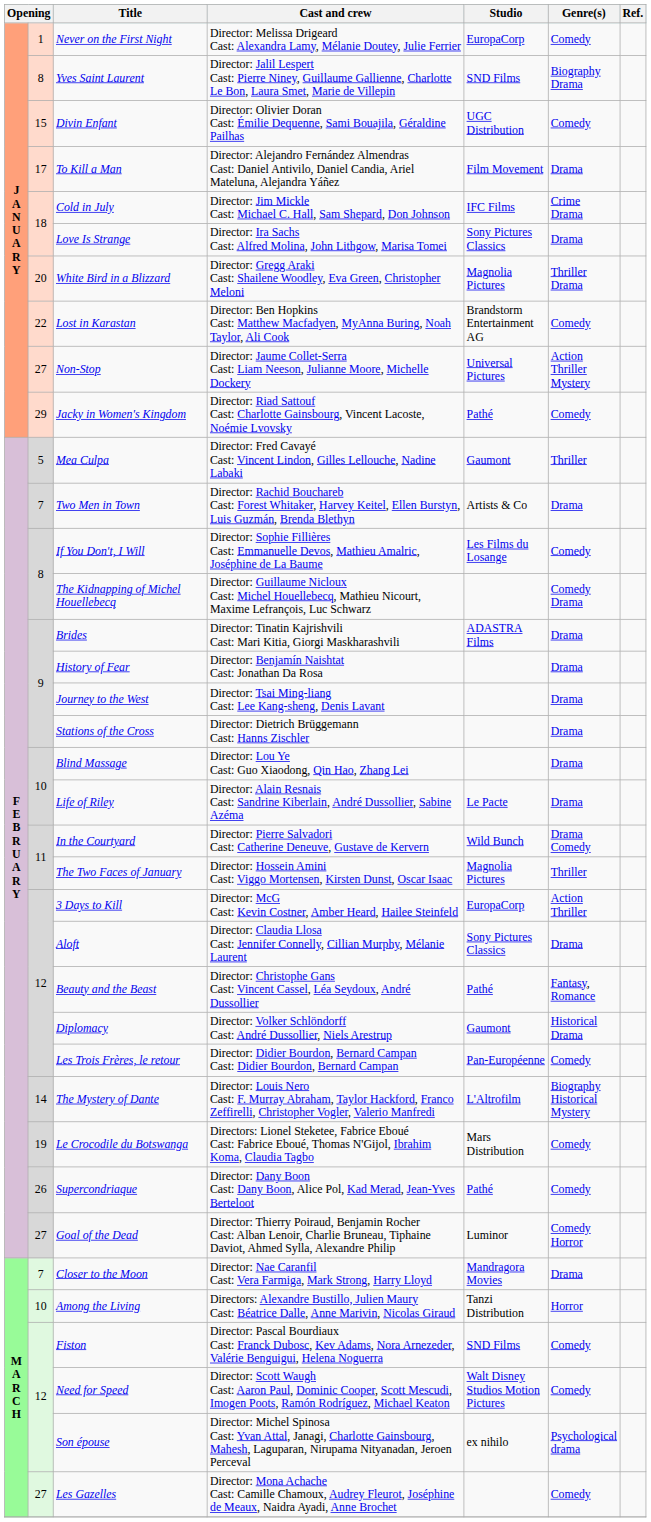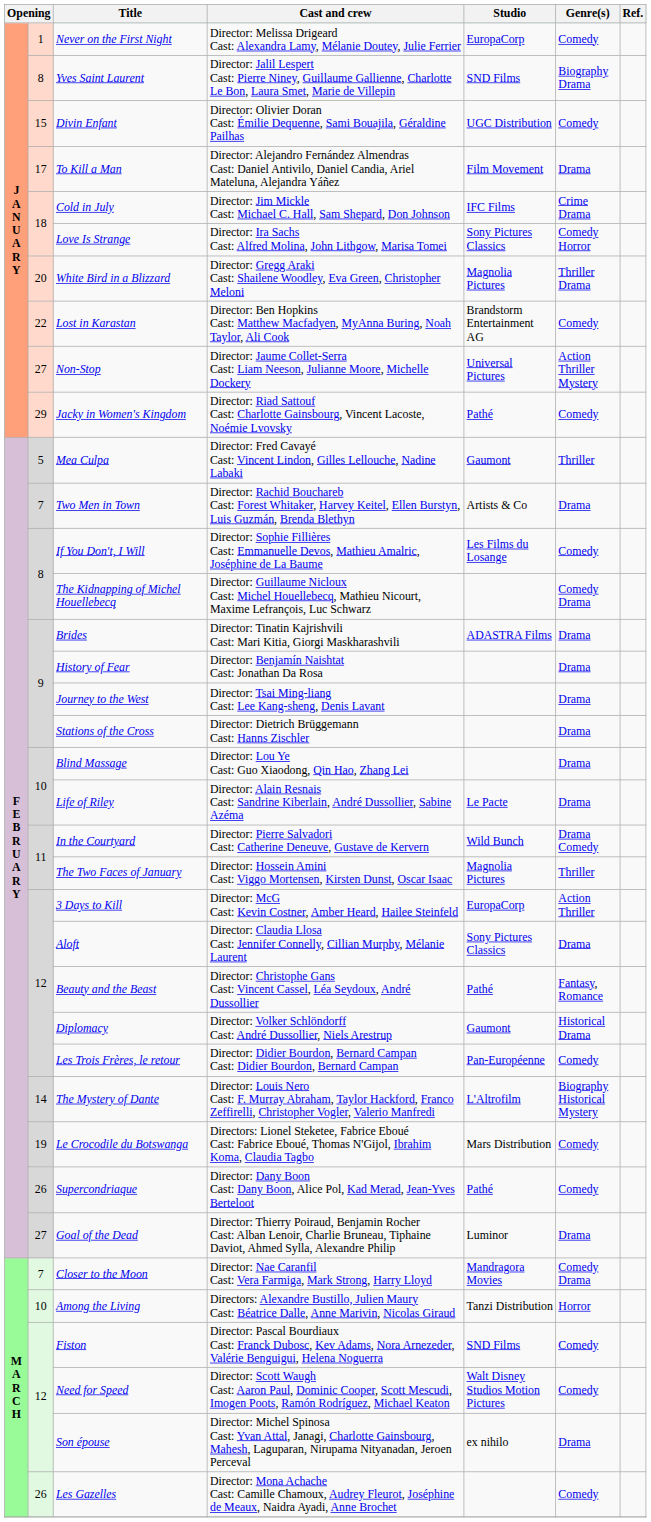 <table class="wikitable">
 <tr style="background:#b0e0e6; text-align:center;">
 <th colspan="2">Opening</th>
 <th style="width:24%;">Title</th>
 <th style="width:40%;">Cast and crew</th>
 <th>Studio</th>
 <th style="width:10%;">Genre(s)</th>
 <th style="width:2%;">Ref.</th>
 </tr>
 <tr>
 <th rowspan="10" style="text-align:center; background:#ffa07a; textcolor:#000;">J<br>A<br>N<br>U<br>A<br>R<br>Y</th>
 <td rowspan="1" style="text-align:center; background:#ffdacc;">1</td>
 <td><em><a href='#'>Never on the First Night</a></em></td>
 <td>Director: Melissa Drigeard <br> Cast: <a href='#'>Alexandra Lamy</a>, <a href='#'>Mélanie Doutey</a>, <a href='#'>Julie Ferrier</a></td>
 <td><a href='#'>EuropaCorp</a></td>
 <td><a href='#'>Comedy</a></td>
 <td style="text-align:center"></td>
 </tr>
 <tr>
 <td rowspan="1" style="text-align:center; background:#ffdacc;">8</td>
 <td><em><a href='#'>Yves Saint Laurent</a></em></td>
 <td>Director: <a href='#'>Jalil Lespert</a> <br> Cast: <a href='#'>Pierre Niney</a>, <a href='#'>Guillaume Gallienne</a>, <a href='#'>Charlotte Le Bon</a>, <a href='#'>Laura Smet</a>, <a href='#'>Marie de Villepin</a></td>
 <td><a href='#'>SND Films</a></td>
 <td><a href='#'>Biography</a> <br> <a href='#'>Drama</a></td>
 <td style="text-align:center"></td>
 </tr>
 <tr>
 <td rowspan="1" style="text-align:center; background:#ffdacc;">15</td>
 <td><em><a href='#'>Divin Enfant</a></em></td>
 <td>Director: Olivier Doran <br> Cast: <a href='#'>Émilie Dequenne</a>, <a href='#'>Sami Bouajila</a>, <a href='#'>Géraldine Pailhas</a></td>
 <td><a href='#'>UGC Distribution</a></td>
 <td><a href='#'>Comedy</a></td>
 <td style="text-align:center"></td>
 </tr>
 <tr>
 <td rowspan="1" style="text-align:center; background:#ffdacc;">17</td>
 <td><em><a href='#'>To Kill a Man</a></em></td>
 <td>Director: Alejandro Fernández Almendras <br> Cast: Daniel Antivilo, Daniel Candia, Ariel Mateluna, Alejandra Yáñez</td>
 <td><a href='#'>Film Movement</a></td>
 <td><a href='#'>Drama</a></td>
 <td style="text-align:center"></td>
 </tr>
 <tr>
 <td rowspan="2" style="text-align:center; background:#ffdacc;">18</td>
 <td><em><a href='#'>Cold in July</a></em></td>
 <td>Director: <a href='#'>Jim Mickle</a> <br> Cast: <a href='#'>Michael C. Hall</a>, <a href='#'>Sam Shepard</a>, <a href='#'>Don Johnson</a></td>
 <td><a href='#'>IFC Films</a></td>
 <td><a href='#'>Crime</a> <br> <a href='#'>Drama</a></td>
 <td style="text-align:center"></td>
 </tr>
 <tr>
 <td><em><a href='#'>Love Is Strange</a></em></td>
 <td>Director: <a href='#'>Ira Sachs</a> <br> Cast: <a href='#'>Alfred Molina</a>, <a href='#'>John Lithgow</a>, <a href='#'>Marisa Tomei</a></td>
 <td><a href='#'>Sony Pictures Classics</a></td>
-<td><a href='#'>Drama</a></td>
+<td><a href='#'>Comedy</a> <br> <a href='#'>Horror</a></td>
 <td style="text-align:center"></td>
 </tr>
 <tr>
 <td rowspan="1" style="text-align:center; background:#ffdacc;">20</td>
 <td><em><a href='#'>White Bird in a Blizzard</a></em></td>
 <td>Director: <a href='#'>Gregg Araki</a> <br> Cast: <a href='#'>Shailene Woodley</a>, <a href='#'>Eva Green</a>, <a href='#'>Christopher Meloni</a></td>
 <td><a href='#'>Magnolia Pictures</a></td>
 <td><a href='#'>Thriller</a> <br> <a href='#'>Drama</a></td>
 <td style="text-align:center"></td>
 </tr>
 <tr>
 <td rowspan="1" style="text-align:center; background:#ffdacc;">22</td>
 <td><em><a href='#'>Lost in Karastan</a></em></td>
 <td>Director: Ben Hopkins <br> Cast: <a href='#'>Matthew Macfadyen</a>, <a href='#'>MyAnna Buring</a>, <a href='#'>Noah Taylor</a>, <a href='#'>Ali Cook</a></td>
 <td>Brandstorm Entertainment AG</td>
 <td><a href='#'>Comedy</a></td>
 <td style="text-align:center"></td>
 </tr>
 <tr>
 <td rowspan="1" style="text-align:center; background:#ffdacc;">27</td>
 <td><em><a href='#'>Non-Stop</a></em></td>
 <td>Director: <a href='#'>Jaume Collet-Serra</a> <br> Cast: <a href='#'>Liam Neeson</a>, <a href='#'>Julianne Moore</a>, <a href='#'>Michelle Dockery</a></td>
 <td><a href='#'>Universal Pictures</a></td>
 <td><a href='#'>Action</a> <br> <a href='#'>Thriller</a> <br> <a href='#'>Mystery</a></td>
 <td style="text-align:center"></td>
 </tr>
 <tr>
 <td rowspan="1" style="text-align:center; background:#ffdacc;">29</td>
 <td><em><a href='#'>Jacky in Women's Kingdom</a></em></td>
 <td>Director: <a href='#'>Riad Sattouf</a> <br> Cast: <a href='#'>Charlotte Gainsbourg</a>, Vincent Lacoste, <a href='#'>Noémie Lvovsky</a></td>
 <td><a href='#'>Pathé</a></td>
 <td><a href='#'>Comedy</a></td>
 <td style="text-align:center"></td>
 </tr>
 <tr>
 <th rowspan="21" style="text-align:center; background:thistle; textcolor:#000;">F<br>E<br>B<br>R<br>U<br>A<br>R<br>Y</th>
 <td rowspan="1" style="text-align:center; background:#d8d8d8;">5</td>
 <td><em><a href='#'>Mea Culpa</a></em></td>
 <td>Director: Fred Cavayé <br> Cast: <a href='#'>Vincent Lindon</a>, <a href='#'>Gilles Lellouche</a>, <a href='#'>Nadine Labaki</a></td>
 <td><a href='#'>Gaumont</a></td>
 <td><a href='#'>Thriller</a></td>
 <td style="text-align:center"></td>
 </tr>
 <tr>
 <td rowspan="1" style="text-align:center; background:#d8d8d8;">7</td>
 <td><em><a href='#'>Two Men in Town</a></em></td>
 <td>Director: <a href='#'>Rachid Bouchareb</a> <br> Cast: <a href='#'>Forest Whitaker</a>, <a href='#'>Harvey Keitel</a>, <a href='#'>Ellen Burstyn</a>, <a href='#'>Luis Guzmán</a>, <a href='#'>Brenda Blethyn</a></td>
 <td>Artists & Co</td>
 <td><a href='#'>Drama</a></td>
 <td style="text-align:center"></td>
 </tr>
 <tr>
 <td rowspan="2" style="text-align:center; background:#d8d8d8;">8</td>
 <td><em><a href='#'>If You Don't, I Will</a></em></td>
 <td>Director: <a href='#'>Sophie Fillières</a> <br> Cast: <a href='#'>Emmanuelle Devos</a>, <a href='#'>Mathieu Amalric</a>, <a href='#'>Joséphine de La Baume</a></td>
 <td><a href='#'>Les Films du Losange</a></td>
 <td><a href='#'>Comedy</a></td>
 <td style="text-align:center"></td>
 </tr>
 <tr>
 <td><em><a href='#'>The Kidnapping of Michel Houellebecq</a></em></td>
 <td>Director: <a href='#'>Guillaume Nicloux</a> <br> Cast: <a href='#'>Michel Houellebecq</a>, Mathieu Nicourt, Maxime Lefrançois, Luc Schwarz</td>
 <td></td>
 <td><a href='#'>Comedy</a> <br> <a href='#'>Drama</a></td>
 <td style="text-align:center"></td>
 </tr>
 <tr>
 <td rowspan="4" style="text-align:center; background:#d8d8d8;">9</td>
 <td><em><a href='#'>Brides</a></em></td>
 <td>Director: Tinatin Kajrishvili <br> Cast: Mari Kitia, Giorgi Maskharashvili</td>
 <td><a href='#'>ADASTRA Films</a></td>
 <td><a href='#'>Drama</a></td>
 <td style="text-align:center"></td>
 </tr>
 <tr>
 <td><em><a href='#'>History of Fear</a></em></td>
 <td>Director: <a href='#'>Benjamín Naishtat</a> <br> Cast: Jonathan Da Rosa</td>
 <td></td>
 <td><a href='#'>Drama</a></td>
 <td style="text-align:center"></td>
 </tr>
 <tr>
 <td><em><a href='#'>Journey to the West</a></em></td>
 <td>Director: <a href='#'>Tsai Ming-liang</a> <br> Cast: <a href='#'>Lee Kang-sheng</a>, <a href='#'>Denis Lavant</a></td>
 <td></td>
 <td><a href='#'>Drama</a></td>
 <td style="text-align:center"></td>
 </tr>
 <tr>
 <td><em><a href='#'>Stations of the Cross</a></em></td>
 <td>Director: Dietrich Brüggemann <br> Cast: <a href='#'>Hanns Zischler</a></td>
 <td></td>
 <td><a href='#'>Drama</a></td>
 <td style="text-align:center"></td>
 </tr>
 <tr>
 <td rowspan="2" style="text-align:center; background:#d8d8d8;">10</td>
 <td><em><a href='#'>Blind Massage</a></em></td>
 <td>Director: <a href='#'>Lou Ye</a> <br> Cast: Guo Xiaodong, <a href='#'>Qin Hao</a>, <a href='#'>Zhang Lei</a></td>
 <td></td>
 <td><a href='#'>Drama</a></td>
 <td style="text-align:center"></td>
 </tr>
 <tr>
 <td><em><a href='#'>Life of Riley</a></em></td>
 <td>Director: <a href='#'>Alain Resnais</a> <br> Cast: <a href='#'>Sandrine Kiberlain</a>, <a href='#'>André Dussollier</a>, <a href='#'>Sabine Azéma</a></td>
 <td><a href='#'>Le Pacte</a></td>
 <td><a href='#'>Drama</a></td>
 <td style="text-align:center"></td>
 </tr>
 <tr>
 <td rowspan="2" style="text-align:center; background:#d8d8d8;">11</td>
 <td><em><a href='#'>In the Courtyard</a></em></td>
 <td>Director: <a href='#'>Pierre Salvadori</a> <br> Cast: <a href='#'>Catherine Deneuve</a>, <a href='#'>Gustave de Kervern</a></td>
 <td><a href='#'>Wild Bunch</a></td>
 <td><a href='#'>Drama</a> <br> <a href='#'>Comedy</a></td>
 <td style="text-align:center"></td>
 </tr>
 <tr>
 <td><em><a href='#'>The Two Faces of January</a></em></td>
 <td>Director: <a href='#'>Hossein Amini</a> <br> Cast: <a href='#'>Viggo Mortensen</a>, <a href='#'>Kirsten Dunst</a>, <a href='#'>Oscar Isaac</a></td>
 <td><a href='#'>Magnolia Pictures</a></td>
 <td><a href='#'>Thriller</a></td>
 <td style="text-align:center"></td>
 </tr>
 <tr>
 <td rowspan="5" style="text-align:center; background:#d8d8d8;">12</td>
 <td><em><a href='#'>3 Days to Kill</a></em></td>
 <td>Director: <a href='#'>McG</a> <br> Cast: <a href='#'>Kevin Costner</a>, <a href='#'>Amber Heard</a>, <a href='#'>Hailee Steinfeld</a></td>
 <td><a href='#'>EuropaCorp</a></td>
 <td><a href='#'>Action</a> <br> <a href='#'>Thriller</a></td>
 <td style="text-align:center"></td>
 </tr>
 <tr>
 <td><em><a href='#'>Aloft</a></em></td>
 <td>Director: <a href='#'>Claudia Llosa</a> <br> Cast: <a href='#'>Jennifer Connelly</a>, <a href='#'>Cillian Murphy</a>, <a href='#'>Mélanie Laurent</a></td>
 <td><a href='#'>Sony Pictures Classics</a></td>
 <td><a href='#'>Drama</a></td>
 <td style="text-align:center"></td>
 </tr>
 <tr>
 <td><em><a href='#'>Beauty and the Beast</a></em></td>
 <td>Director: <a href='#'>Christophe Gans</a> <br> Cast: <a href='#'>Vincent Cassel</a>, <a href='#'>Léa Seydoux</a>, <a href='#'>André Dussollier</a></td>
 <td><a href='#'>Pathé</a></td>
 <td><a href='#'>Fantasy</a>, <a href='#'>Romance</a></td>
 <td style="text-align:center"></td>
 </tr>
 <tr>
 <td><em><a href='#'>Diplomacy</a></em></td>
 <td>Director: <a href='#'>Volker Schlöndorff</a> <br> Cast: <a href='#'>André Dussollier</a>, <a href='#'>Niels Arestrup</a></td>
 <td><a href='#'>Gaumont</a></td>
 <td><a href='#'>Historical</a> <br> <a href='#'>Drama</a></td>
 <td style="text-align:center"></td>
 </tr>
 <tr>
 <td><em><a href='#'>Les Trois Frères, le retour</a></em></td>
 <td>Director: <a href='#'>Didier Bourdon</a>, <a href='#'>Bernard Campan</a> <br> Cast: <a href='#'>Didier Bourdon</a>, <a href='#'>Bernard Campan</a></td>
 <td><a href='#'>Pan-Européenne</a></td>
 <td><a href='#'>Comedy</a></td>
 <td style="text-align:center"></td>
 </tr>
 <tr>
 <td rowspan="1" style="text-align:center; background:#d8d8d8;">14</td>
 <td><em><a href='#'>The Mystery of Dante</a></em></td>
 <td>Director: <a href='#'>Louis Nero</a> <br> Cast: <a href='#'>F. Murray Abraham</a>, <a href='#'>Taylor Hackford</a>, <a href='#'>Franco Zeffirelli</a>, <a href='#'>Christopher Vogler</a>, <a href='#'>Valerio Manfredi</a></td>
 <td><a href='#'>L'Altrofilm</a></td>
 <td><a href='#'>Biography</a> <br> <a href='#'>Historical</a> <br> <a href='#'>Mystery</a></td>
 <td style="text-align:center"></td>
 </tr>
 <tr>
 <td rowspan="1" style="text-align:center; background:#d8d8d8;">19</td>
 <td><em><a href='#'>Le Crocodile du Botswanga</a></em></td>
 <td>Directors: Lionel Steketee, Fabrice Eboué <br> Cast: Fabrice Eboué, Thomas N'Gijol, <a href='#'>Ibrahim Koma</a>, <a href='#'>Claudia Tagbo</a></td>
 <td>Mars Distribution</td>
 <td><a href='#'>Comedy</a></td>
 <td style="text-align:center"></td>
 </tr>
 <tr>
 <td rowspan="1" style="text-align:center; background:#d8d8d8;">26</td>
 <td><em><a href='#'>Supercondriaque</a></em></td>
 <td>Director: <a href='#'>Dany Boon</a> <br> Cast: <a href='#'>Dany Boon</a>, Alice Pol, <a href='#'>Kad Merad</a>, <a href='#'>Jean-Yves Berteloot</a></td>
 <td><a href='#'>Pathé</a></td>
 <td><a href='#'>Comedy</a></td>
 <td style="text-align:center"></td>
 </tr>
 <tr>
 <td rowspan="1" style="text-align:center; background:#d8d8d8;">27</td>
 <td><em><a href='#'>Goal of the Dead</a></em></td>
 <td>Director: Thierry Poiraud, Benjamin Rocher <br> Cast: Alban Lenoir, Charlie Bruneau, Tiphaine Daviot, Ahmed Sylla, Alexandre Philip</td>
 <td>Luminor</td>
-<td><a href='#'>Comedy</a> <br> <a href='#'>Horror</a></td>
+<td><a href='#'>Drama</a></td>
 <td style="text-align:center"></td>
 </tr>
 <tr>
 <th rowspan="6" style="text-align:center; background:#98fb98; textcolor:#000;">M<br>A<br>R<br>C<br>H</th>
 <td rowspan="1" style="text-align:center; background:#e0f9e0;">7</td>
 <td><em><a href='#'>Closer to the Moon</a></em></td>
 <td>Director: <a href='#'>Nae Caranfil</a> <br> Cast: <a href='#'>Vera Farmiga</a>, <a href='#'>Mark Strong</a>, <a href='#'>Harry Lloyd</a></td>
 <td><a href='#'>Mandragora Movies</a></td>
-<td><a href='#'>Drama</a></td>
+<td><a href='#'>Comedy</a> <br> <a href='#'>Drama</a></td>
 <td style="text-align:center"></td>
 </tr>
 <tr>
 <td rowspan="1" style="text-align:center; background:#e0f9e0;">10</td>
 <td><em><a href='#'>Among the Living</a></em></td>
 <td>Directors: <a href='#'>Alexandre Bustillo, Julien Maury</a> <br> Cast: <a href='#'>Béatrice Dalle</a>, <a href='#'>Anne Marivin</a>, <a href='#'>Nicolas Giraud</a></td>
 <td>Tanzi Distribution</td>
 <td><a href='#'>Horror</a></td>
 <td style="text-align:center"></td>
 </tr>
 <tr>
 <td rowspan="3" style="text-align:center; background:#e0f9e0;">12</td>
 <td><em><a href='#'>Fiston</a></em></td>
 <td>Director: Pascal Bourdiaux <br> Cast: <a href='#'>Franck Dubosc</a>, <a href='#'>Kev Adams</a>, <a href='#'>Nora Arnezeder</a>, <a href='#'>Valérie Benguigui</a>, <a href='#'>Helena Noguerra</a></td>
 <td><a href='#'>SND Films</a></td>
 <td><a href='#'>Comedy</a></td>
 <td style="text-align:center"></td>
 </tr>
 <tr>
 <td><em><a href='#'>Need for Speed</a></em></td>
 <td>Director: <a href='#'>Scott Waugh</a> <br> Cast: <a href='#'>Aaron Paul</a>, <a href='#'>Dominic Cooper</a>, <a href='#'>Scott Mescudi</a>, <a href='#'>Imogen Poots</a>, <a href='#'>Ramón Rodríguez</a>, <a href='#'>Michael Keaton</a></td>
 <td><a href='#'>Walt Disney Studios Motion Pictures</a></td>
 <td><a href='#'>Comedy</a></td>
 <td style="text-align:center"></td>
 </tr>
 <tr>
 <td><em><a href='#'>Son épouse</a></em></td>
 <td>Director: Michel Spinosa <br> Cast: <a href='#'>Yvan Attal</a>, Janagi, <a href='#'>Charlotte Gainsbourg</a>, <a href='#'>Mahesh</a>, Laguparan, Nirupama Nityanadan, Jeroen Perceval</td>
 <td>ex nihilo</td>
-<td><a href='#'>Psychological drama</a></td>
+<td><a href='#'>Drama</a></td>
 <td style="text-align:center"></td>
 </tr>
 <tr>
-<td rowspan="1" style="text-align:center; background:#e0f9e0;">27</td>
+<td rowspan="1" style="text-align:center; background:#e0f9e0;">26</td>
 <td><em><a href='#'>Les Gazelles</a></em></td>
 <td>Director: <a href='#'>Mona Achache</a> <br> Cast: Camille Chamoux, <a href='#'>Audrey Fleurot</a>, <a href='#'>Joséphine de Meaux</a>, Naidra Ayadi, <a href='#'>Anne Brochet</a></td>
 <td></td>
 <td><a href='#'>Comedy</a></td>
 <td style="text-align:center"></td>
 </tr>
 <tr>
 </tr>
 </table>
